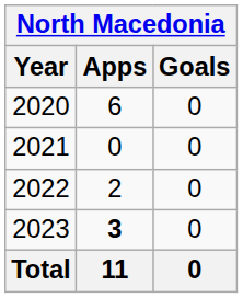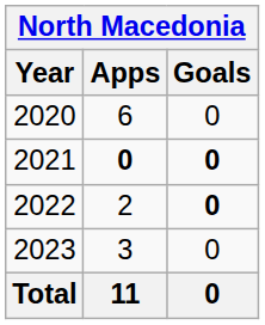 <table class=wikitable style=text-align:center>
 <tr>
 <th colspan=4><a href='#'>North Macedonia</a></th>
 </tr>
 <tr>
 <th>Year</th>
 <th>Apps</th>
 <th>Goals</th>
 </tr>
 <tr>
 <td>2020</td>
 <td>6</td>
 <td>0</td>
 </tr>
 <tr>
 <td>2021</td>
-<td>0</td>
-<td>0</td>
+<td><strong>0</strong></td>
+<td><strong>0</strong></td>
 </tr>
 <tr>
 <td>2022</td>
 <td>2</td>
-<td>0</td>
+<td><strong>0</strong></td>
 </tr>
 <tr>
 <td>2023</td>
-<td><strong>3</strong></td>
+<td>3</td>
 <td>0</td>
 </tr>
 <tr>
 <th colspan=1>Total</th>
 <th>11</th>
 <th>0</th>
 </tr>
 </table>
